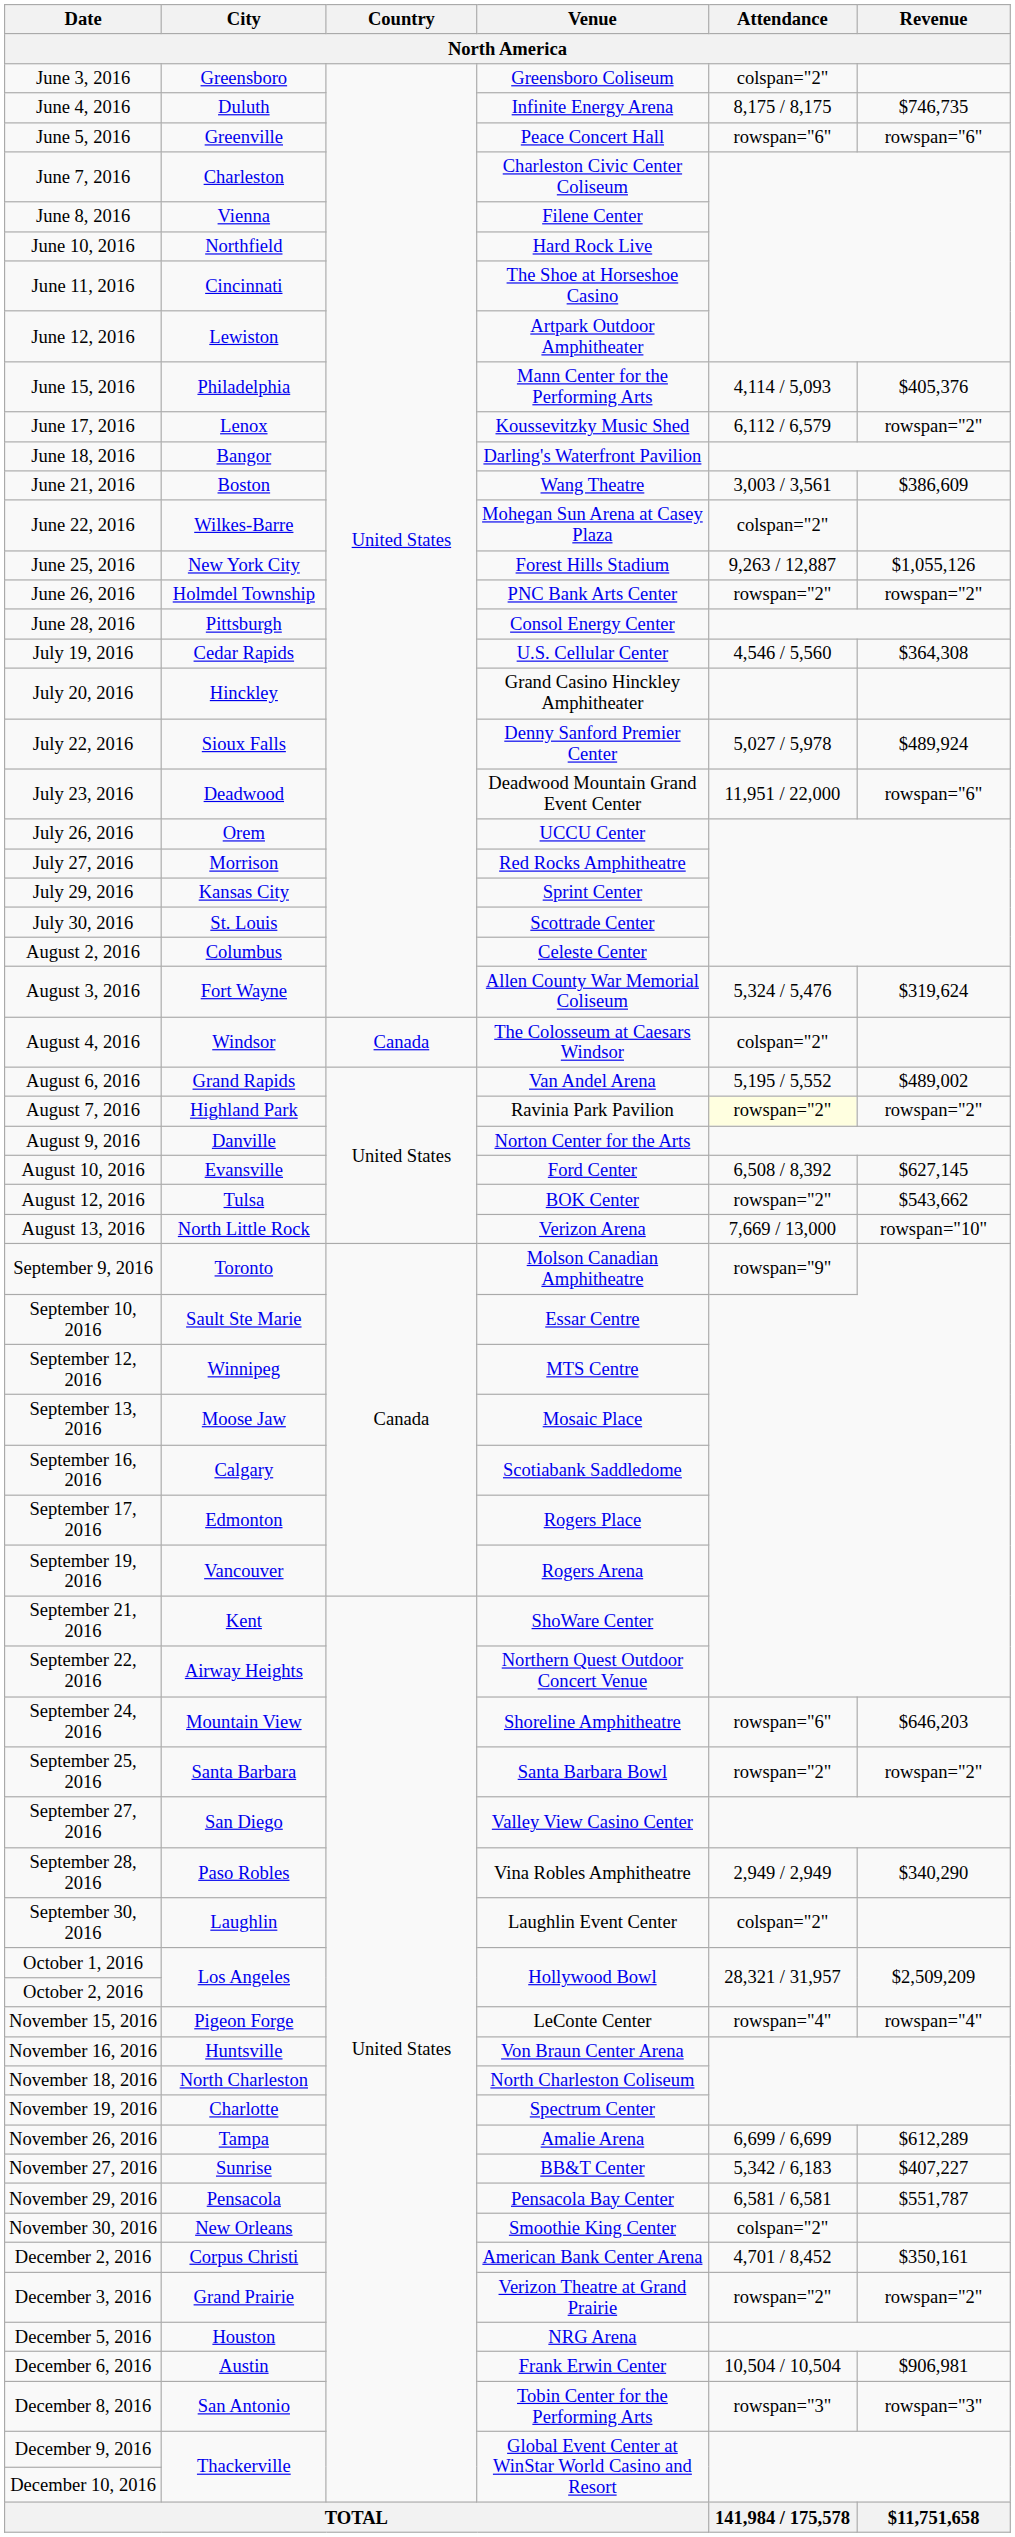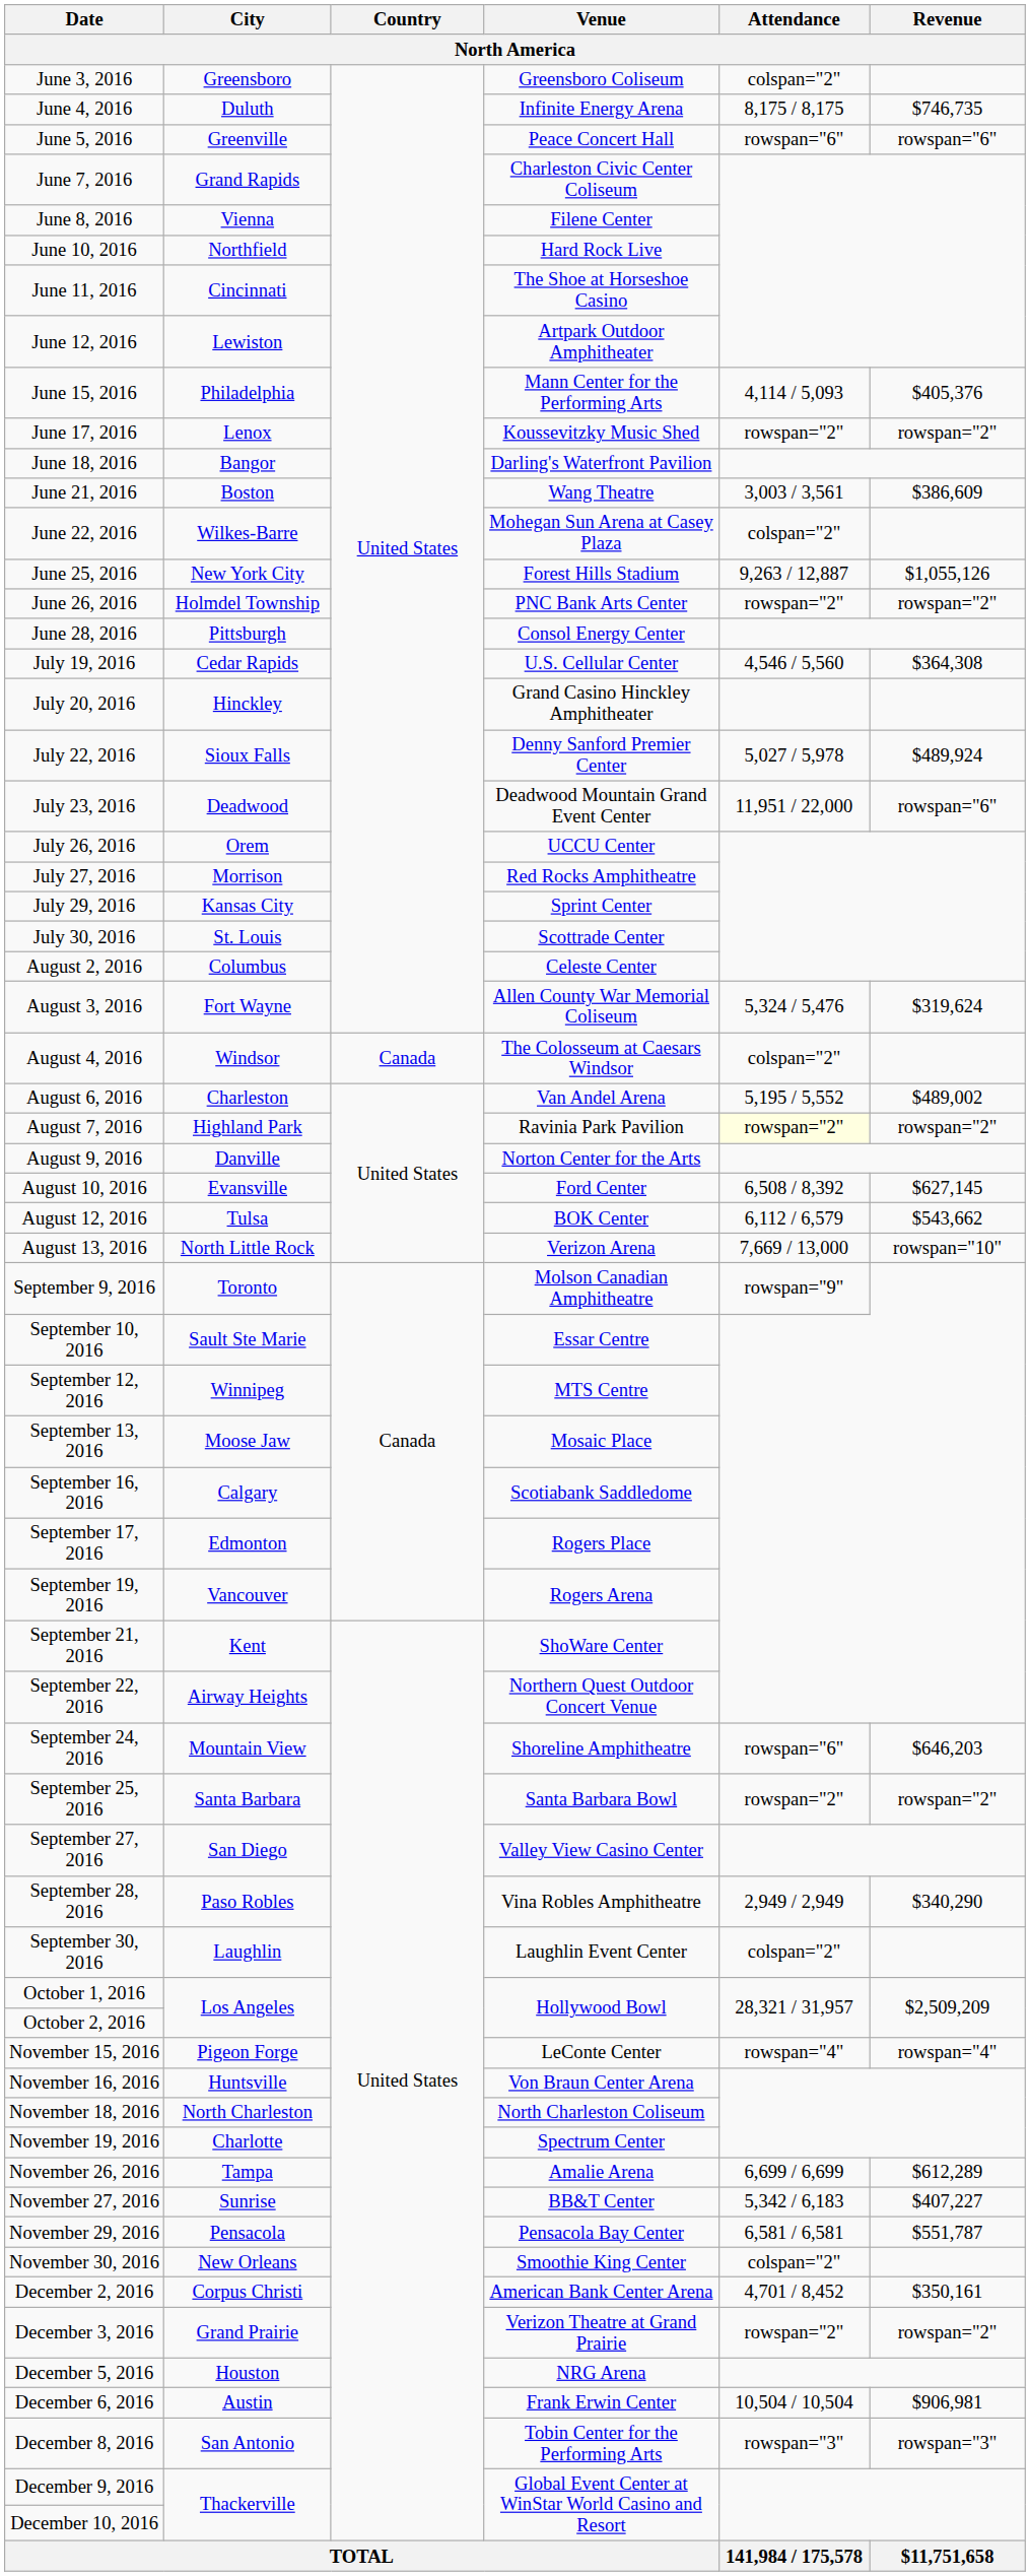 <table class="wikitable" style="text-align:center;">
 <tr>
 <th scope="col" style="width:12em;">Date</th>
 <th scope="col" style="width:12em;">City</th>
 <th scope="col" style="width:12em;">Country</th>
 <th scope="col" style="width:19em;">Venue</th>
 <th scope="col" style="width:10em;">Attendance</th>
 <th scope="col" style="width:10em;">Revenue</th>
 </tr>
 <tr>
 <th colspan="6" style="text-align:center;">North America</th>
 </tr>
 <tr>
 <td>June 3, 2016</td>
 <td><a href='#'>Greensboro</a></td>
 <td rowspan="26"><a href='#'>United States</a></td>
 <td><a href='#'>Greensboro Coliseum</a></td>
 <td>colspan="2" </td>
 </tr>
 <tr>
 <td>June 4, 2016</td>
 <td><a href='#'>Duluth</a></td>
 <td><a href='#'>Infinite Energy Arena</a></td>
 <td>8,175 / 8,175</td>
 <td>$746,735</td>
 </tr>
 <tr>
 <td>June 5, 2016</td>
 <td><a href='#'>Greenville</a></td>
 <td><a href='#'>Peace Concert Hall</a></td>
 <td>rowspan="6" </td>
 <td>rowspan="6" </td>
 </tr>
 <tr>
 <td>June 7, 2016</td>
-<td><a href='#'>Charleston</a></td>
+<td><a href='#'>Grand Rapids</a></td>
 <td><a href='#'>Charleston Civic Center Coliseum</a></td>
 </tr>
 <tr>
 <td>June 8, 2016</td>
 <td><a href='#'>Vienna</a></td>
 <td><a href='#'>Filene Center</a></td>
 </tr>
 <tr>
 <td>June 10, 2016</td>
 <td><a href='#'>Northfield</a></td>
 <td><a href='#'>Hard Rock Live</a></td>
 </tr>
 <tr>
 <td>June 11, 2016</td>
 <td><a href='#'>Cincinnati</a></td>
 <td><a href='#'>The Shoe at Horseshoe Casino</a></td>
 </tr>
 <tr>
 <td>June 12, 2016</td>
 <td><a href='#'>Lewiston</a></td>
 <td><a href='#'>Artpark Outdoor Amphitheater</a></td>
 </tr>
 <tr>
 <td>June 15, 2016</td>
 <td><a href='#'>Philadelphia</a></td>
 <td><a href='#'>Mann Center for the Performing Arts</a></td>
 <td>4,114 / 5,093</td>
 <td>$405,376</td>
 </tr>
 <tr>
 <td>June 17, 2016</td>
 <td><a href='#'>Lenox</a></td>
 <td><a href='#'>Koussevitzky Music Shed</a></td>
-<td>6,112 / 6,579</td>
+<td>rowspan="2" </td>
 <td>rowspan="2" </td>
 </tr>
 <tr>
 <td>June 18, 2016</td>
 <td><a href='#'>Bangor</a></td>
 <td><a href='#'>Darling's Waterfront Pavilion</a></td>
 </tr>
 <tr>
 <td>June 21, 2016</td>
 <td><a href='#'>Boston</a></td>
 <td><a href='#'>Wang Theatre</a></td>
 <td>3,003 / 3,561</td>
 <td>$386,609</td>
 </tr>
 <tr>
 <td>June 22, 2016</td>
 <td><a href='#'>Wilkes-Barre</a></td>
 <td><a href='#'>Mohegan Sun Arena at Casey Plaza</a></td>
 <td>colspan="2" </td>
 </tr>
 <tr>
 <td>June 25, 2016</td>
 <td><a href='#'>New York City</a></td>
 <td><a href='#'>Forest Hills Stadium</a></td>
 <td>9,263 / 12,887</td>
 <td>$1,055,126</td>
 </tr>
 <tr>
 <td>June 26, 2016</td>
 <td><a href='#'>Holmdel Township</a></td>
 <td><a href='#'>PNC Bank Arts Center</a></td>
 <td>rowspan="2" </td>
 <td>rowspan="2" </td>
 </tr>
 <tr>
 <td>June 28, 2016</td>
 <td><a href='#'>Pittsburgh</a></td>
 <td><a href='#'>Consol Energy Center</a></td>
 </tr>
 <tr>
 <td>July 19, 2016</td>
 <td><a href='#'>Cedar Rapids</a></td>
 <td><a href='#'>U.S. Cellular Center</a></td>
 <td>4,546 / 5,560</td>
 <td>$364,308</td>
 </tr>
 <tr>
 <td>July 20, 2016</td>
 <td><a href='#'>Hinckley</a></td>
 <td>Grand Casino Hinckley Amphitheater</td>
 <td></td>
 <td></td>
 </tr>
 <tr>
 <td>July 22, 2016</td>
 <td><a href='#'>Sioux Falls</a></td>
 <td><a href='#'>Denny Sanford Premier Center</a></td>
 <td>5,027 / 5,978</td>
 <td>$489,924</td>
 </tr>
 <tr>
 <td>July 23, 2016</td>
 <td><a href='#'>Deadwood</a></td>
 <td>Deadwood Mountain Grand Event Center</td>
 <td>11,951 / 22,000</td>
 <td>rowspan="6" </td>
 </tr>
 <tr>
 <td>July 26, 2016</td>
 <td><a href='#'>Orem</a></td>
 <td><a href='#'>UCCU Center</a></td>
 </tr>
 <tr>
 <td>July 27, 2016</td>
 <td><a href='#'>Morrison</a></td>
 <td><a href='#'>Red Rocks Amphitheatre</a></td>
 </tr>
 <tr>
 <td>July 29, 2016</td>
 <td><a href='#'>Kansas City</a></td>
 <td><a href='#'>Sprint Center</a></td>
 </tr>
 <tr>
 <td>July 30, 2016</td>
 <td><a href='#'>St. Louis</a></td>
 <td><a href='#'>Scottrade Center</a></td>
 </tr>
 <tr>
 <td>August 2, 2016</td>
 <td><a href='#'>Columbus</a></td>
 <td><a href='#'>Celeste Center</a></td>
 </tr>
 <tr>
 <td>August 3, 2016</td>
 <td><a href='#'>Fort Wayne</a></td>
 <td><a href='#'>Allen County War Memorial Coliseum</a></td>
 <td>5,324 / 5,476</td>
 <td>$319,624</td>
 </tr>
 <tr>
 <td>August 4, 2016</td>
 <td><a href='#'>Windsor</a></td>
 <td><a href='#'>Canada</a></td>
 <td><a href='#'>The Colosseum at Caesars Windsor</a></td>
 <td>colspan="2" </td>
 </tr>
 <tr>
 <td>August 6, 2016</td>
-<td><a href='#'>Grand Rapids</a></td>
+<td><a href='#'>Charleston</a></td>
 <td rowspan="6">United States</td>
 <td><a href='#'>Van Andel Arena</a></td>
 <td>5,195 / 5,552</td>
 <td>$489,002</td>
 </tr>
 <tr>
 <td>August 7, 2016</td>
 <td><a href='#'>Highland Park</a></td>
 <td>Ravinia Park Pavilion</td>
 <td style="background: lightyellow;">rowspan="2" </td>
 <td>rowspan="2" </td>
 </tr>
 <tr>
 <td>August 9, 2016</td>
 <td><a href='#'>Danville</a></td>
 <td><a href='#'>Norton Center for the Arts</a></td>
 </tr>
 <tr>
 <td>August 10, 2016</td>
 <td><a href='#'>Evansville</a></td>
 <td><a href='#'>Ford Center</a></td>
 <td>6,508 / 8,392</td>
 <td>$627,145</td>
 </tr>
 <tr>
 <td>August 12, 2016</td>
 <td><a href='#'>Tulsa</a></td>
 <td><a href='#'>BOK Center</a></td>
-<td>rowspan="2" </td>
+<td>6,112 / 6,579</td>
 <td>$543,662</td>
 </tr>
 <tr>
 <td>August 13, 2016</td>
 <td><a href='#'>North Little Rock</a></td>
 <td><a href='#'>Verizon Arena</a></td>
 <td>7,669 / 13,000</td>
 <td>rowspan="10" </td>
 </tr>
 <tr>
 <td>September 9, 2016</td>
 <td><a href='#'>Toronto</a></td>
 <td rowspan="7">Canada</td>
 <td><a href='#'>Molson Canadian Amphitheatre</a></td>
 <td>rowspan="9" </td>
 </tr>
 <tr>
 <td>September 10, 2016</td>
 <td><a href='#'>Sault Ste Marie</a></td>
 <td><a href='#'>Essar Centre</a></td>
 </tr>
 <tr>
 <td>September 12, 2016</td>
 <td><a href='#'>Winnipeg</a></td>
 <td><a href='#'>MTS Centre</a></td>
 </tr>
 <tr>
 <td>September 13, 2016</td>
 <td><a href='#'>Moose Jaw</a></td>
 <td><a href='#'>Mosaic Place</a></td>
 </tr>
 <tr>
 <td>September 16, 2016</td>
 <td><a href='#'>Calgary</a></td>
 <td><a href='#'>Scotiabank Saddledome</a></td>
 </tr>
 <tr>
 <td>September 17, 2016</td>
 <td><a href='#'>Edmonton</a></td>
 <td><a href='#'>Rogers Place</a></td>
 </tr>
 <tr>
 <td>September 19, 2016</td>
 <td><a href='#'>Vancouver</a></td>
 <td><a href='#'>Rogers Arena</a></td>
 </tr>
 <tr>
 <td>September 21, 2016</td>
 <td><a href='#'>Kent</a></td>
 <td rowspan="24">United States</td>
 <td><a href='#'>ShoWare Center</a></td>
 </tr>
 <tr>
 <td>September 22, 2016</td>
 <td><a href='#'>Airway Heights</a></td>
 <td><a href='#'>Northern Quest Outdoor Concert Venue</a></td>
 </tr>
 <tr>
 <td>September 24, 2016</td>
 <td><a href='#'>Mountain View</a></td>
 <td><a href='#'>Shoreline Amphitheatre</a></td>
 <td>rowspan="6" </td>
 <td>$646,203</td>
 </tr>
 <tr>
 <td>September 25, 2016</td>
 <td><a href='#'>Santa Barbara</a></td>
 <td><a href='#'>Santa Barbara Bowl</a></td>
 <td>rowspan="2" </td>
 <td>rowspan="2" </td>
 </tr>
 <tr>
 <td>September 27, 2016</td>
 <td><a href='#'>San Diego</a></td>
 <td><a href='#'>Valley View Casino Center</a></td>
 </tr>
 <tr>
 <td>September 28, 2016</td>
 <td><a href='#'>Paso Robles</a></td>
 <td>Vina Robles Amphitheatre</td>
 <td>2,949 / 2,949</td>
 <td>$340,290</td>
 </tr>
 <tr>
 <td>September 30, 2016</td>
 <td><a href='#'>Laughlin</a></td>
 <td>Laughlin Event Center</td>
 <td>colspan="2" </td>
 </tr>
 <tr>
 <td>October 1, 2016</td>
 <td rowspan="2"><a href='#'>Los Angeles</a></td>
 <td rowspan="2"><a href='#'>Hollywood Bowl</a></td>
 <td rowspan="2">28,321 / 31,957</td>
 <td rowspan="2">$2,509,209</td>
 </tr>
 <tr>
 <td>October 2, 2016</td>
 </tr>
 <tr>
 <td>November 15, 2016</td>
 <td><a href='#'>Pigeon Forge</a></td>
 <td>LeConte Center</td>
 <td>rowspan="4" </td>
 <td>rowspan="4" </td>
 </tr>
 <tr>
 <td>November 16, 2016</td>
 <td><a href='#'>Huntsville</a></td>
 <td><a href='#'>Von Braun Center Arena</a></td>
 </tr>
 <tr>
 <td>November 18, 2016</td>
 <td><a href='#'>North Charleston</a></td>
 <td><a href='#'>North Charleston Coliseum</a></td>
 </tr>
 <tr>
 <td>November 19, 2016</td>
 <td><a href='#'>Charlotte</a></td>
 <td><a href='#'>Spectrum Center</a></td>
 </tr>
 <tr>
 <td>November 26, 2016</td>
 <td><a href='#'>Tampa</a></td>
 <td><a href='#'>Amalie Arena</a></td>
 <td>6,699 / 6,699</td>
 <td>$612,289</td>
 </tr>
 <tr>
 <td>November 27, 2016</td>
 <td><a href='#'>Sunrise</a></td>
 <td><a href='#'>BB&T Center</a></td>
 <td>5,342 / 6,183</td>
 <td>$407,227</td>
 </tr>
 <tr>
 <td>November 29, 2016</td>
 <td><a href='#'>Pensacola</a></td>
 <td><a href='#'>Pensacola Bay Center</a></td>
 <td>6,581 / 6,581</td>
 <td>$551,787</td>
 </tr>
 <tr>
 <td>November 30, 2016</td>
 <td><a href='#'>New Orleans</a></td>
 <td><a href='#'>Smoothie King Center</a></td>
 <td>colspan="2" </td>
 </tr>
 <tr>
 <td>December 2, 2016</td>
 <td><a href='#'>Corpus Christi</a></td>
 <td><a href='#'>American Bank Center Arena</a></td>
 <td>4,701 / 8,452</td>
 <td>$350,161</td>
 </tr>
 <tr>
 <td>December 3, 2016</td>
 <td><a href='#'>Grand Prairie</a></td>
 <td><a href='#'>Verizon Theatre at Grand Prairie</a></td>
 <td>rowspan="2" </td>
 <td>rowspan="2" </td>
 </tr>
 <tr>
 <td>December 5, 2016</td>
 <td><a href='#'>Houston</a></td>
 <td><a href='#'>NRG Arena</a></td>
 </tr>
 <tr>
 <td>December 6, 2016</td>
 <td><a href='#'>Austin</a></td>
 <td><a href='#'>Frank Erwin Center</a></td>
 <td>10,504 / 10,504</td>
 <td>$906,981</td>
 </tr>
 <tr>
 <td>December 8, 2016</td>
 <td><a href='#'>San Antonio</a></td>
 <td><a href='#'>Tobin Center for the Performing Arts</a></td>
 <td>rowspan="3" </td>
 <td>rowspan="3" </td>
 </tr>
 <tr>
 <td>December 9, 2016</td>
 <td rowspan="2"><a href='#'>Thackerville</a></td>
 <td rowspan="2"><a href='#'>Global Event Center at WinStar World Casino and Resort</a></td>
 </tr>
 <tr>
 <td>December 10, 2016</td>
 </tr>
 <tr>
 <th colspan="4">TOTAL</th>
 <th>141,984 / 175,578</th>
 <th>$11,751,658</th>
 </tr>
 </table>
